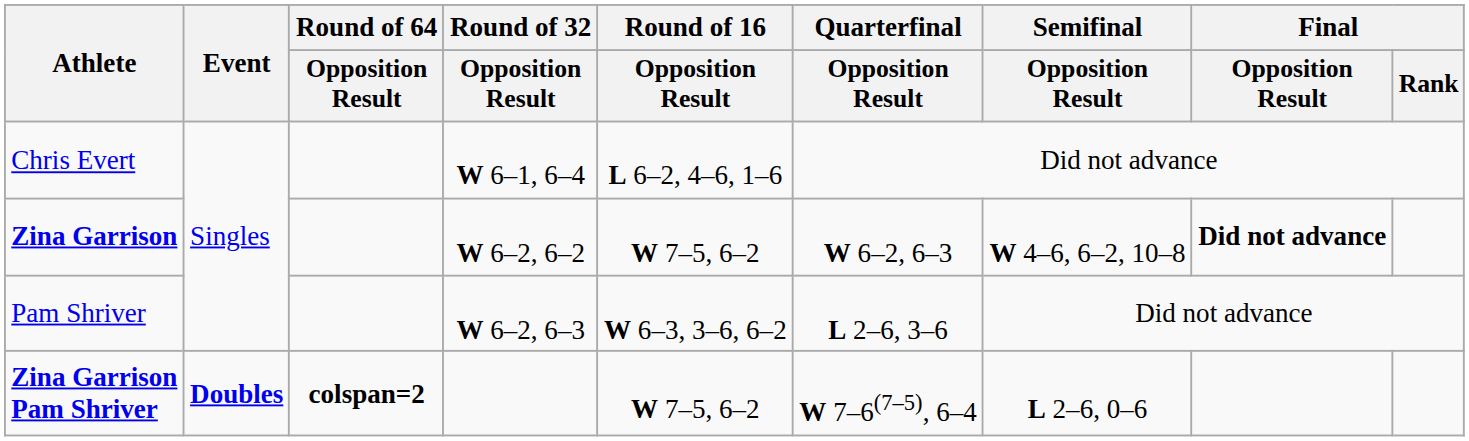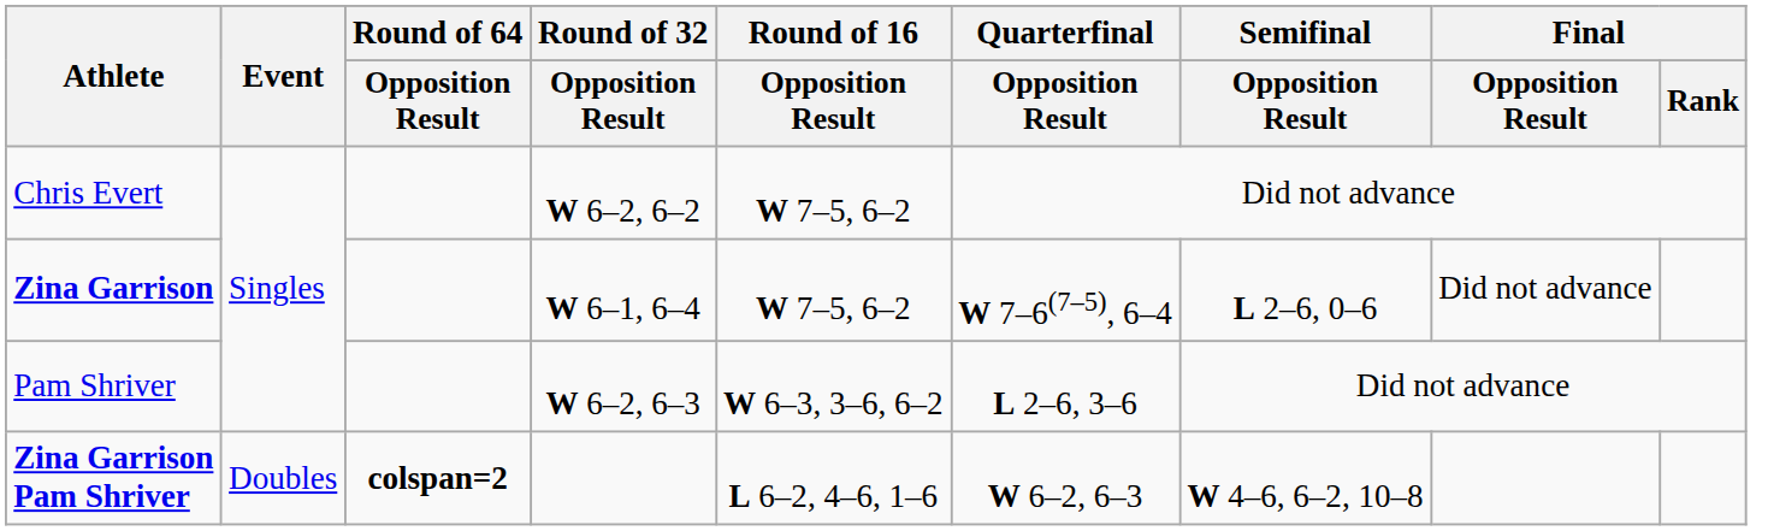 <table class=wikitable style=font-size:90%;text-align:center>
 <tr>
 <th rowspan=2>Athlete</th>
 <th rowspan=2>Event</th>
 <th>Round of 64</th>
 <th>Round of 32</th>
 <th>Round of 16</th>
 <th>Quarterfinal</th>
 <th>Semifinal</th>
 <th colspan=2>Final</th>
 </tr>
 <tr style=font-size:95%>
 <th>Opposition<br>Result</th>
 <th>Opposition<br>Result</th>
 <th>Opposition<br>Result</th>
 <th>Opposition<br>Result</th>
 <th>Opposition<br>Result</th>
 <th>Opposition<br>Result</th>
 <th>Rank</th>
 </tr>
 <tr>
 <td align=left><a href='#'>Chris Evert</a></td>
 <td align=left rowspan=3><a href='#'>Singles</a></td>
 <td></td>
-<td><br><strong>W</strong> 6–1, 6–4</td>
-<td><br><strong>L</strong> 6–2, 4–6, 1–6</td>
+<td><br><strong>W</strong> 6–2, 6–2</td>
+<td><br><strong>W</strong> 7–5, 6–2</td>
 <td colspan=4>Did not advance</td>
 </tr>
 <tr>
 <td align=left><strong><a href='#'>Zina Garrison</a></strong></td>
 <td></td>
-<td><br><strong>W</strong> 6–2, 6–2</td>
+<td><br><strong>W</strong> 6–1, 6–4</td>
 <td><br><strong>W</strong> 7–5, 6–2</td>
-<td><br><strong>W</strong> 6–2, 6–3</td>
-<td><br><strong>W</strong> 4–6, 6–2, 10–8</td>
-<td><strong>Did not advance</strong></td>
+<td><br><strong>W</strong> 7–6<sup>(7–5)</sup>, 6–4</td>
+<td><br><strong>L</strong> 2–6, 0–6</td>
+<td>Did not advance</td>
 <td></td>
 </tr>
 <tr>
 <td align=left><a href='#'>Pam Shriver</a></td>
 <td></td>
 <td><br><strong>W</strong> 6–2, 6–3</td>
 <td><br><strong>W</strong> 6–3, 3–6, 6–2</td>
 <td><br><strong>L</strong> 2–6, 3–6</td>
 <td colspan=3>Did not advance</td>
 </tr>
 <tr>
 <td align=left><strong><a href='#'>Zina Garrison</a><br><a href='#'>Pam Shriver</a></strong></td>
-<td align=left><strong><a href='#'>Doubles</a></strong></td>
+<td align=left><a href='#'>Doubles</a></td>
 <td><strong>colspan=2 </strong></td>
 <td></td>
-<td><br><strong>W</strong> 7–5, 6–2</td>
-<td><br><strong>W</strong> 7–6<sup>(7–5)</sup>, 6–4</td>
-<td><br><strong>L</strong> 2–6, 0–6</td>
+<td><br><strong>L</strong> 6–2, 4–6, 1–6</td>
+<td><br><strong>W</strong> 6–2, 6–3</td>
+<td><br><strong>W</strong> 4–6, 6–2, 10–8</td>
 <td></td>
 </tr>
 </table>
